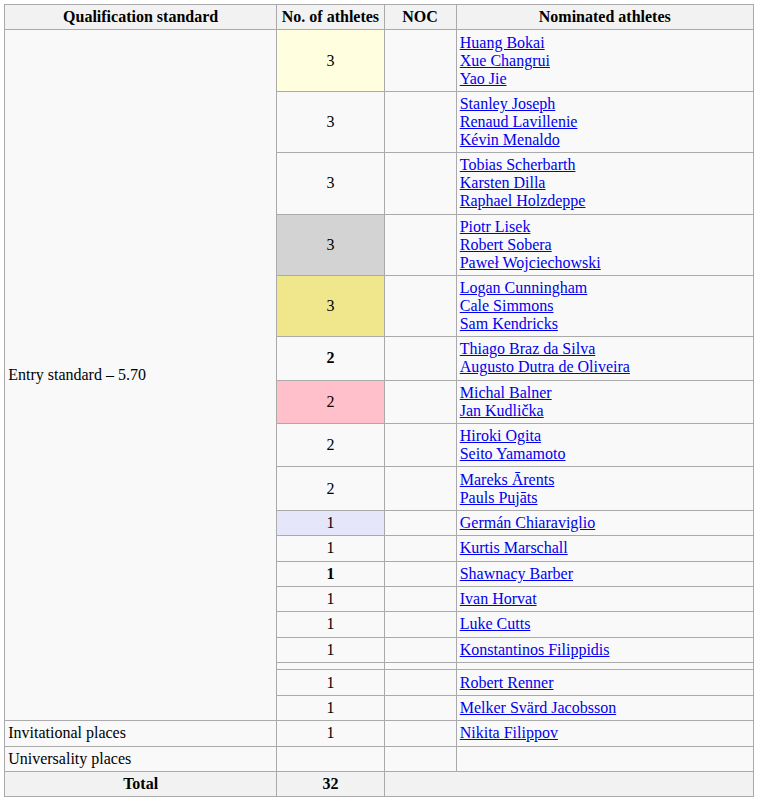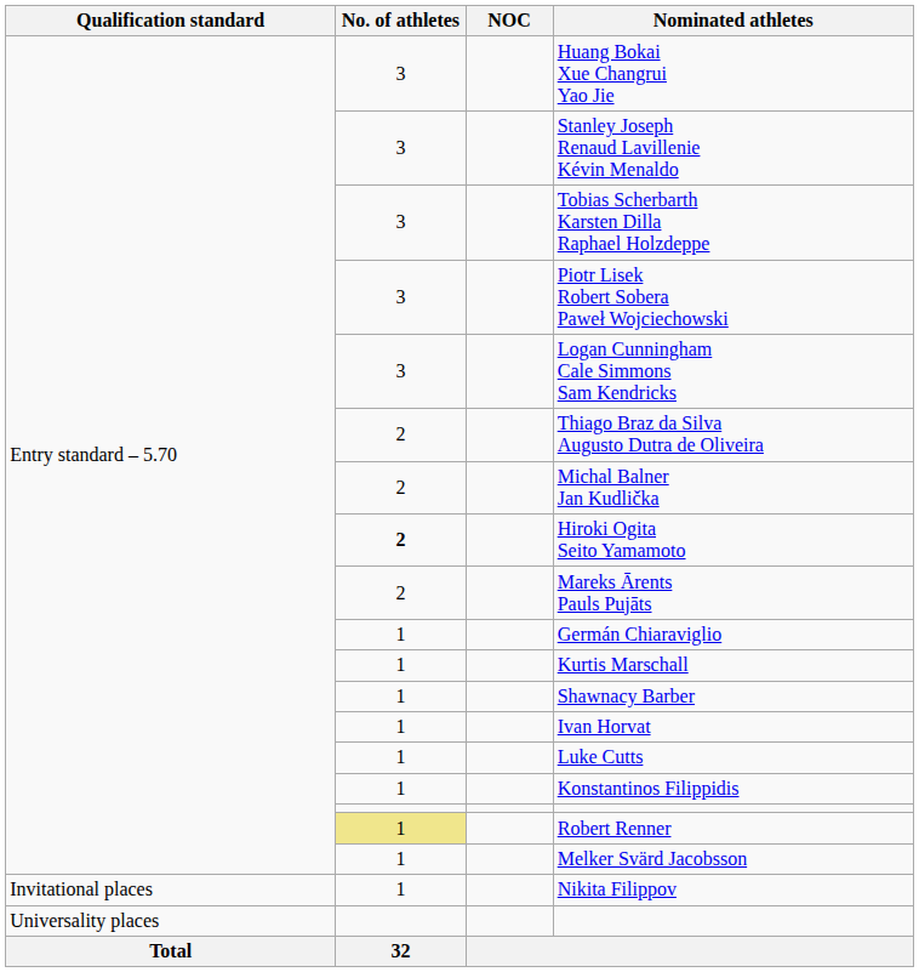 <table class="wikitable"  style="text-align:left; width:750px;">
 <tr>
 <th>Qualification standard</th>
 <th width=100>No. of athletes</th>
 <th>NOC</th>
 <th>Nominated athletes</th>
 </tr>
 <tr>
 <td rowspan=18>Entry standard – 5.70</td>
-<td style="background: lightyellow; text-align:center;">3</td>
+<td style="text-align:center;">3</td>
 <td></td>
 <td><a href='#'>Huang Bokai</a><br><a href='#'>Xue Changrui</a><br><a href='#'>Yao Jie</a></td>
 </tr>
 <tr>
 <td style="text-align:center;">3</td>
 <td></td>
 <td><a href='#'>Stanley Joseph</a><br><a href='#'>Renaud Lavillenie</a><br><a href='#'>Kévin Menaldo</a></td>
 </tr>
 <tr>
 <td style="text-align:center;">3</td>
 <td></td>
 <td><a href='#'>Tobias Scherbarth</a><br><a href='#'>Karsten Dilla</a><br><a href='#'>Raphael Holzdeppe</a></td>
 </tr>
 <tr>
-<td style="background: lightgrey; text-align:center;">3</td>
+<td style="text-align:center;">3</td>
 <td></td>
 <td><a href='#'>Piotr Lisek</a><br><a href='#'>Robert Sobera</a><br><a href='#'>Paweł Wojciechowski</a></td>
 </tr>
 <tr>
-<td style="background: khaki; text-align:center;">3</td>
+<td style="text-align:center;">3</td>
 <td></td>
 <td><a href='#'>Logan Cunningham</a><br><a href='#'>Cale Simmons</a><br><a href='#'>Sam Kendricks</a></td>
 </tr>
 <tr>
-<td style="text-align:center;"><strong>2</strong></td>
+<td style="text-align:center;">2</td>
 <td></td>
 <td><a href='#'>Thiago Braz da Silva</a><br><a href='#'>Augusto Dutra de Oliveira</a></td>
 </tr>
 <tr>
-<td style="background: pink; text-align:center;">2</td>
+<td style="text-align:center;">2</td>
 <td></td>
 <td><a href='#'>Michal Balner</a><br><a href='#'>Jan Kudlička</a></td>
 </tr>
 <tr>
-<td style="text-align:center;">2</td>
+<td style="text-align:center;"><strong>2</strong></td>
 <td></td>
 <td><a href='#'>Hiroki Ogita</a><br><a href='#'>Seito Yamamoto</a></td>
 </tr>
 <tr>
 <td style="text-align:center;">2</td>
 <td></td>
 <td><a href='#'>Mareks Ārents</a><br><a href='#'>Pauls Pujāts</a></td>
 </tr>
 <tr>
-<td style="background: lavender; text-align:center;">1</td>
+<td style="text-align:center;">1</td>
 <td></td>
 <td><a href='#'>Germán Chiaraviglio</a></td>
 </tr>
 <tr>
 <td style="text-align:center;">1</td>
 <td></td>
 <td><a href='#'>Kurtis Marschall</a></td>
 </tr>
 <tr>
-<td style="text-align:center;"><strong>1</strong></td>
+<td style="text-align:center;">1</td>
 <td></td>
 <td><a href='#'>Shawnacy Barber</a></td>
 </tr>
 <tr>
 <td style="text-align:center;">1</td>
 <td></td>
 <td><a href='#'>Ivan Horvat</a></td>
 </tr>
 <tr>
 <td style="text-align:center;">1</td>
 <td></td>
 <td><a href='#'>Luke Cutts</a></td>
 </tr>
 <tr>
 <td style="text-align:center;">1</td>
 <td></td>
 <td><a href='#'>Konstantinos Filippidis</a></td>
 </tr>
 <tr>
 <td></td>
 <td></td>
 </tr>
 <tr>
-<td style="text-align:center;">1</td>
+<td style="background: khaki; text-align:center;">1</td>
 <td></td>
 <td><a href='#'>Robert Renner</a></td>
 </tr>
 <tr>
 <td style="text-align:center;">1</td>
 <td></td>
 <td><a href='#'>Melker Svärd Jacobsson</a></td>
 </tr>
 <tr>
 <td>Invitational places</td>
 <td style="text-align:center;">1</td>
 <td></td>
 <td><a href='#'>Nikita Filippov</a></td>
 </tr>
 <tr>
 <td>Universality places</td>
 <td></td>
 <td></td>
 <td></td>
 </tr>
 <tr>
 <th>Total</th>
 <th>32</th>
 <th colspan=2></th>
 </tr>
 </table>
